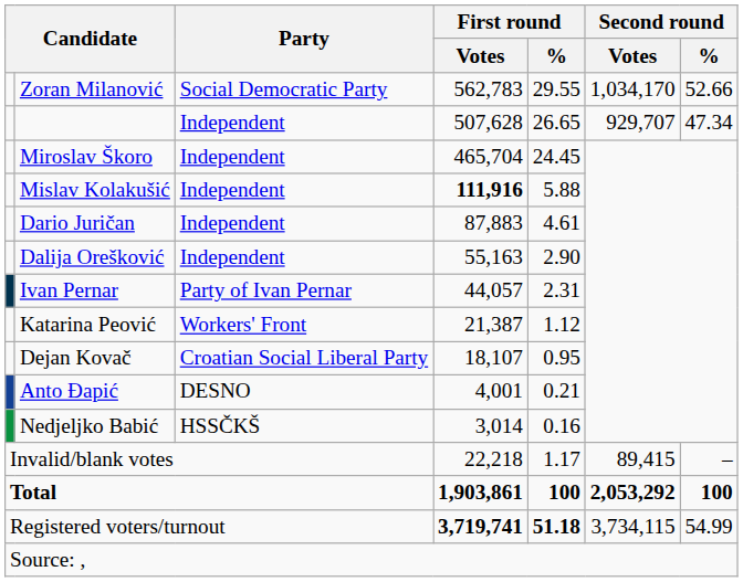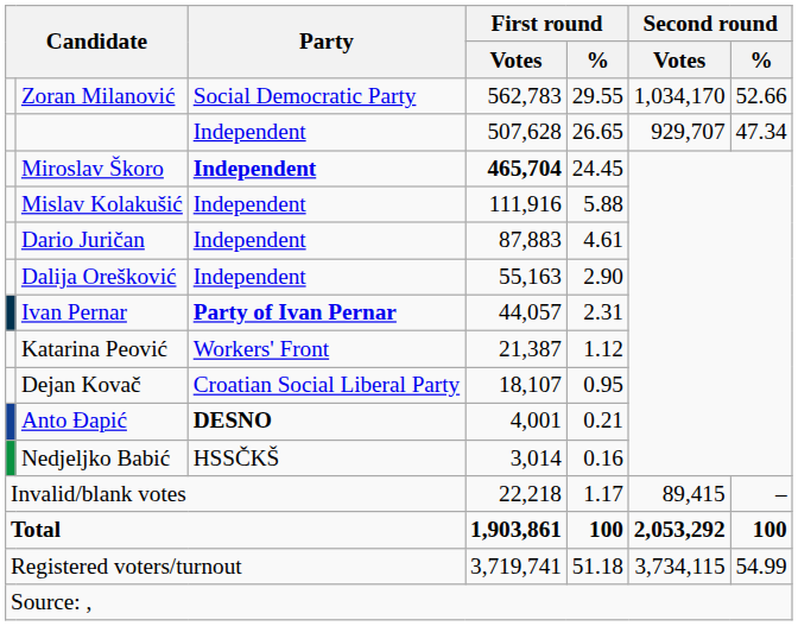 <table class=wikitable style=text-align:right>
 <tr>
 <th colspan=2 rowspan=2>Candidate</th>
 <th rowspan=2>Party</th>
 <th colspan=2>First round</th>
 <th colspan=2>Second round</th>
 </tr>
 <tr>
 <th>Votes</th>
 <th>%</th>
 <th>Votes</th>
 <th>%</th>
 </tr>
 <tr>
 <td bgcolor=></td>
 <td align=left><a href='#'>Zoran Milanović</a></td>
 <td align=left><a href='#'>Social Democratic Party</a></td>
 <td>562,783</td>
 <td>29.55</td>
 <td>1,034,170</td>
 <td>52.66</td>
 </tr>
 <tr>
 <td bgcolor=></td>
 <td align=left></td>
 <td align=left><a href='#'>Independent</a> </td>
 <td>507,628</td>
 <td>26.65</td>
 <td>929,707</td>
 <td>47.34</td>
 </tr>
 <tr>
 <td bgcolor=></td>
 <td align=left><a href='#'>Miroslav Škoro</a></td>
-<td align=left><a href='#'>Independent</a></td>
-<td>465,704</td>
+<td align=left><strong><a href='#'>Independent</a></strong></td>
+<td><strong>465,704</strong></td>
 <td>24.45</td>
 <td colspan=2 rowspan=9></td>
 </tr>
 <tr>
 <td bgcolor=></td>
 <td align=left><a href='#'>Mislav Kolakušić</a></td>
 <td align=left><a href='#'>Independent</a></td>
-<td><strong>111,916</strong></td>
+<td>111,916</td>
 <td>5.88</td>
 </tr>
 <tr>
 <td bgcolor=></td>
 <td align=left><a href='#'>Dario Juričan</a></td>
 <td align=left><a href='#'>Independent</a></td>
 <td>87,883</td>
 <td>4.61</td>
 </tr>
 <tr>
 <td bgcolor=></td>
 <td align=left><a href='#'>Dalija Orešković</a></td>
 <td align=left><a href='#'>Independent</a></td>
 <td>55,163</td>
 <td>2.90</td>
 </tr>
 <tr>
 <td bgcolor=#00324e></td>
 <td align=left><a href='#'>Ivan Pernar</a></td>
-<td align=left><a href='#'>Party of Ivan Pernar</a></td>
+<td align=left><strong><a href='#'>Party of Ivan Pernar</a></strong></td>
 <td>44,057</td>
 <td>2.31</td>
 </tr>
 <tr>
 <td bgcolor=></td>
 <td align=left>Katarina Peović</td>
 <td align=left><a href='#'>Workers' Front</a></td>
 <td>21,387</td>
 <td>1.12</td>
 </tr>
 <tr>
 <td bgcolor=></td>
 <td align=left>Dejan Kovač</td>
 <td align=left><a href='#'>Croatian Social Liberal Party</a></td>
 <td>18,107</td>
 <td>0.95</td>
 </tr>
 <tr>
 <td bgcolor=#134094></td>
 <td align=left><a href='#'>Anto Đapić</a></td>
-<td align=left>DESNO</td>
+<td align=left><strong>DESNO</strong></td>
 <td>4,001</td>
 <td>0.21</td>
 </tr>
 <tr>
 <td bgcolor=#099240></td>
 <td align=left>Nedjeljko Babić</td>
 <td align=left>HSSČKŠ</td>
 <td>3,014</td>
 <td>0.16</td>
 </tr>
 <tr>
 <td align=left colspan=3>Invalid/blank votes</td>
 <td>22,218</td>
 <td>1.17</td>
 <td>89,415</td>
 <td>–</td>
 </tr>
 <tr>
 <td align=left colspan=3><strong>Total</strong></td>
 <td><strong>1,903,861</strong></td>
 <td><strong>100</strong></td>
 <td><strong>2,053,292</strong></td>
 <td><strong>100</strong></td>
 </tr>
 <tr>
 <td align=left colspan=3>Registered voters/turnout</td>
-<td><strong>3,719,741</strong></td>
-<td><strong>51.18</strong></td>
+<td>3,719,741</td>
+<td>51.18</td>
 <td>3,734,115</td>
 <td>54.99</td>
 </tr>
 <tr>
 <td align=left colspan=7>Source: , </td>
 </tr>
 </table>
